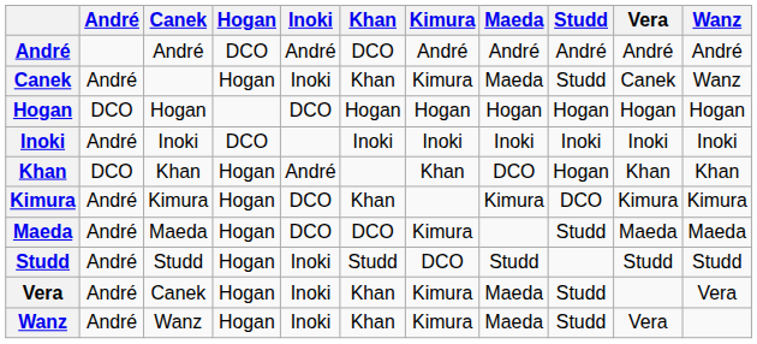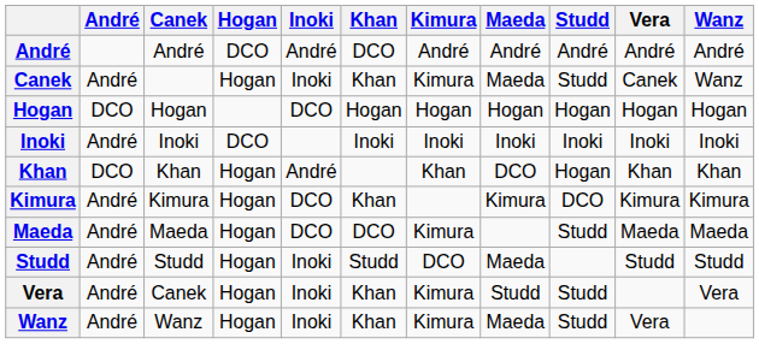 <table class="wikitable" style="margin: 1em auto;">
 <tr align="center">
 <th></th>
 <th><a href='#'>André</a></th>
 <th><a href='#'>Canek</a></th>
 <th><a href='#'>Hogan</a></th>
 <th><a href='#'>Inoki</a></th>
 <th><a href='#'>Khan</a></th>
 <th><a href='#'>Kimura</a></th>
 <th><a href='#'>Maeda</a></th>
 <th><a href='#'>Studd</a></th>
 <th>Vera</th>
 <th><a href='#'>Wanz</a></th>
 </tr>
 <tr align="center">
 <th><a href='#'>André</a></th>
 <td></td>
 <td>André</td>
 <td>DCO</td>
 <td>André</td>
 <td>DCO</td>
 <td>André</td>
 <td>André</td>
 <td>André</td>
 <td>André</td>
 <td>André</td>
 </tr>
 <tr align="center">
 <th><a href='#'>Canek</a></th>
 <td>André</td>
 <td></td>
 <td>Hogan</td>
 <td>Inoki</td>
 <td>Khan</td>
 <td>Kimura</td>
 <td>Maeda</td>
 <td>Studd</td>
 <td>Canek</td>
 <td>Wanz</td>
 </tr>
 <tr align="center">
 <th><a href='#'>Hogan</a></th>
 <td>DCO</td>
 <td>Hogan</td>
 <td></td>
 <td>DCO</td>
 <td>Hogan</td>
 <td>Hogan</td>
 <td>Hogan</td>
 <td>Hogan</td>
 <td>Hogan</td>
 <td>Hogan</td>
 </tr>
 <tr align="center">
 <th><a href='#'>Inoki</a></th>
 <td>André</td>
 <td>Inoki</td>
 <td>DCO</td>
 <td></td>
 <td>Inoki</td>
 <td>Inoki</td>
 <td>Inoki</td>
 <td>Inoki</td>
 <td>Inoki</td>
 <td>Inoki</td>
 </tr>
 <tr align="center">
 <th><a href='#'>Khan</a></th>
 <td>DCO</td>
 <td>Khan</td>
 <td>Hogan</td>
 <td>André</td>
 <td></td>
 <td>Khan</td>
 <td>DCO</td>
 <td>Hogan</td>
 <td>Khan</td>
 <td>Khan</td>
 </tr>
 <tr align="center">
 <th><a href='#'>Kimura</a></th>
 <td>André</td>
 <td>Kimura</td>
 <td>Hogan</td>
 <td>DCO</td>
 <td>Khan</td>
 <td></td>
 <td>Kimura</td>
 <td>DCO</td>
 <td>Kimura</td>
 <td>Kimura</td>
 </tr>
 <tr align="center">
 <th><a href='#'>Maeda</a></th>
 <td>André</td>
 <td>Maeda</td>
 <td>Hogan</td>
 <td>DCO</td>
 <td>DCO</td>
 <td>Kimura</td>
 <td></td>
 <td>Studd</td>
 <td>Maeda</td>
 <td>Maeda</td>
 </tr>
 <tr align="center">
 <th><a href='#'>Studd</a></th>
 <td>André</td>
 <td>Studd</td>
 <td>Hogan</td>
 <td>Inoki</td>
 <td>Studd</td>
 <td>DCO</td>
-<td>Studd</td>
+<td>Maeda</td>
 <td></td>
 <td>Studd</td>
 <td>Studd</td>
 </tr>
 <tr align="center">
 <th>Vera</th>
 <td>André</td>
 <td>Canek</td>
 <td>Hogan</td>
 <td>Inoki</td>
 <td>Khan</td>
 <td>Kimura</td>
-<td>Maeda</td>
+<td>Studd</td>
 <td>Studd</td>
 <td></td>
 <td>Vera</td>
 </tr>
 <tr align="center">
 <th><a href='#'>Wanz</a></th>
 <td>André</td>
 <td>Wanz</td>
 <td>Hogan</td>
 <td>Inoki</td>
 <td>Khan</td>
 <td>Kimura</td>
 <td>Maeda</td>
 <td>Studd</td>
 <td>Vera</td>
 <td></td>
 </tr>
 </table>
